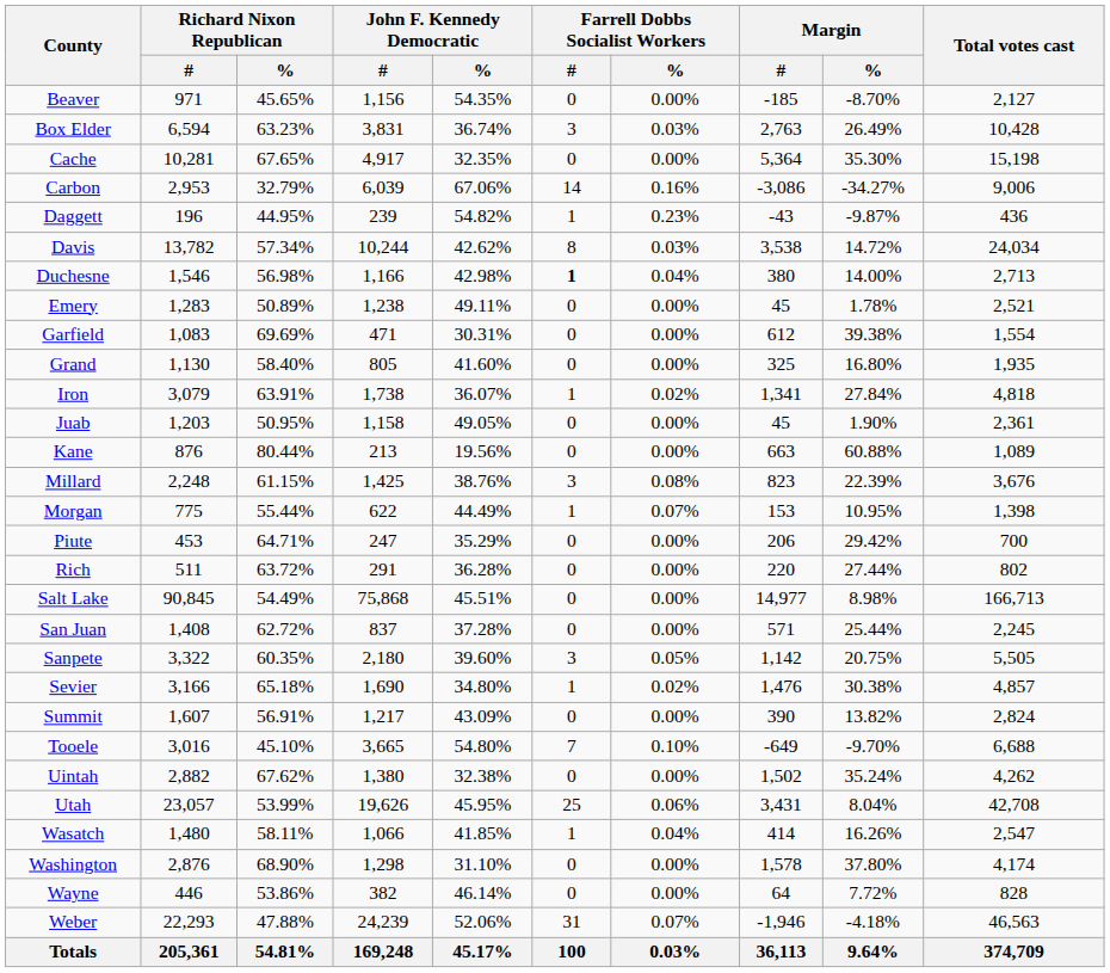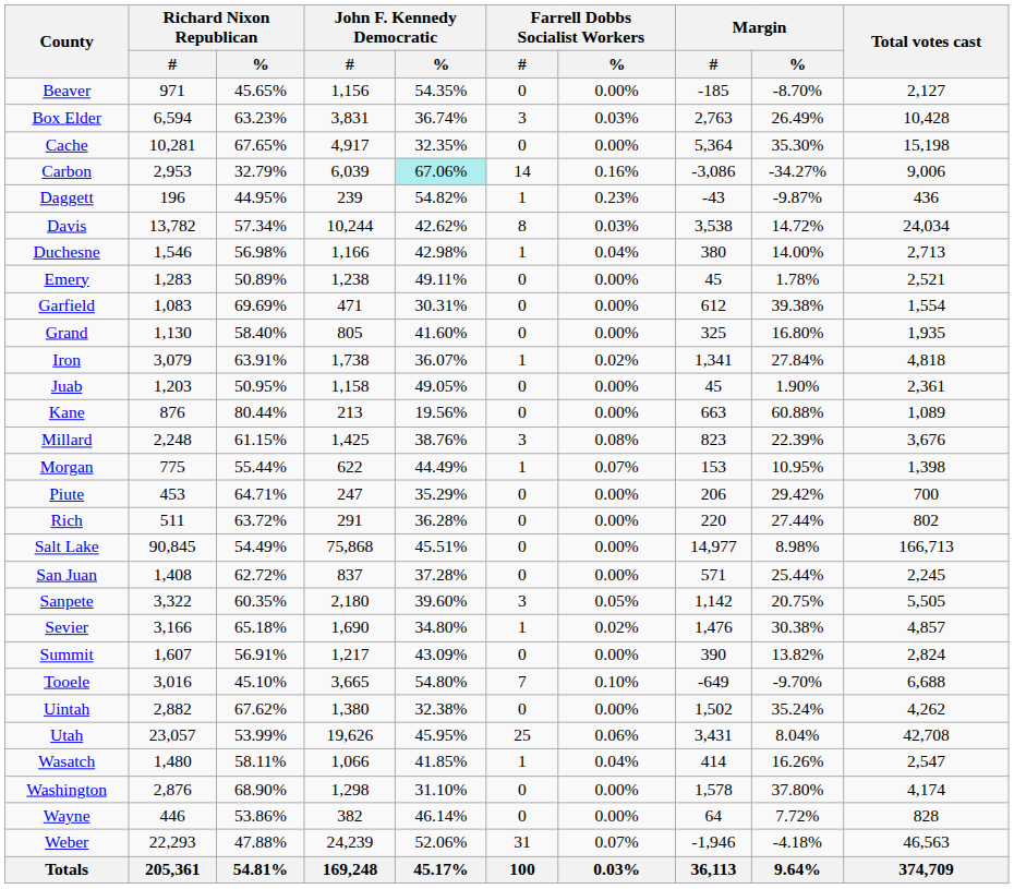 <table width="60%"  class="wikitable sortable" style="text-align:center">
 <tr>
 <th style="text-align:center;" rowspan="2">County</th>
 <th style="text-align:center;" colspan="2">Richard Nixon<br>Republican</th>
 <th style="text-align:center;" colspan="2">John F. Kennedy<br>Democratic</th>
 <th style="text-align:center;" colspan="2">Farrell Dobbs<br>Socialist Workers</th>
 <th style="text-align:center;" colspan="2">Margin</th>
 <th style="text-align:center;" rowspan="2">Total votes cast</th>
 </tr>
 <tr>
 <th style="text-align:center;" data-sort-type="number">#</th>
 <th style="text-align:center;" data-sort-type="number">%</th>
 <th style="text-align:center;" data-sort-type="number">#</th>
 <th style="text-align:center;" data-sort-type="number">%</th>
 <th style="text-align:center;" data-sort-type="number">#</th>
 <th style="text-align:center;" data-sort-type="number">%</th>
 <th style="text-align:center;" data-sort-type="number">#</th>
 <th style="text-align:center;" data-sort-type="number">%</th>
 </tr>
 <tr style="text-align:center;">
 <td><a href='#'>Beaver</a></td>
 <td>971</td>
 <td>45.65%</td>
 <td>1,156</td>
 <td>54.35%</td>
 <td>0</td>
 <td>0.00%</td>
 <td>-185</td>
 <td>-8.70%</td>
 <td>2,127</td>
 </tr>
 <tr style="text-align:center;">
 <td><a href='#'>Box Elder</a></td>
 <td>6,594</td>
 <td>63.23%</td>
 <td>3,831</td>
 <td>36.74%</td>
 <td>3</td>
 <td>0.03%</td>
 <td>2,763</td>
 <td>26.49%</td>
 <td>10,428</td>
 </tr>
 <tr style="text-align:center;">
 <td><a href='#'>Cache</a></td>
 <td>10,281</td>
 <td>67.65%</td>
 <td>4,917</td>
 <td>32.35%</td>
 <td>0</td>
 <td>0.00%</td>
 <td>5,364</td>
 <td>35.30%</td>
 <td>15,198</td>
 </tr>
 <tr style="text-align:center;">
 <td><a href='#'>Carbon</a></td>
 <td>2,953</td>
 <td>32.79%</td>
 <td>6,039</td>
-<td>67.06%</td>
+<td style="background: paleturquoise;">67.06%</td>
 <td>14</td>
 <td>0.16%</td>
 <td>-3,086</td>
 <td>-34.27%</td>
 <td>9,006</td>
 </tr>
 <tr style="text-align:center;">
 <td><a href='#'>Daggett</a></td>
 <td>196</td>
 <td>44.95%</td>
 <td>239</td>
 <td>54.82%</td>
 <td>1</td>
 <td>0.23%</td>
 <td>-43</td>
 <td>-9.87%</td>
 <td>436</td>
 </tr>
 <tr style="text-align:center;">
 <td><a href='#'>Davis</a></td>
 <td>13,782</td>
 <td>57.34%</td>
 <td>10,244</td>
 <td>42.62%</td>
 <td>8</td>
 <td>0.03%</td>
 <td>3,538</td>
 <td>14.72%</td>
 <td>24,034</td>
 </tr>
 <tr style="text-align:center;">
 <td><a href='#'>Duchesne</a></td>
 <td>1,546</td>
 <td>56.98%</td>
 <td>1,166</td>
 <td>42.98%</td>
-<td><strong>1</strong></td>
+<td>1</td>
 <td>0.04%</td>
 <td>380</td>
 <td>14.00%</td>
 <td>2,713</td>
 </tr>
 <tr style="text-align:center;">
 <td><a href='#'>Emery</a></td>
 <td>1,283</td>
 <td>50.89%</td>
 <td>1,238</td>
 <td>49.11%</td>
 <td>0</td>
 <td>0.00%</td>
 <td>45</td>
 <td>1.78%</td>
 <td>2,521</td>
 </tr>
 <tr style="text-align:center;">
 <td><a href='#'>Garfield</a></td>
 <td>1,083</td>
 <td>69.69%</td>
 <td>471</td>
 <td>30.31%</td>
 <td>0</td>
 <td>0.00%</td>
 <td>612</td>
 <td>39.38%</td>
 <td>1,554</td>
 </tr>
 <tr style="text-align:center;">
 <td><a href='#'>Grand</a></td>
 <td>1,130</td>
 <td>58.40%</td>
 <td>805</td>
 <td>41.60%</td>
 <td>0</td>
 <td>0.00%</td>
 <td>325</td>
 <td>16.80%</td>
 <td>1,935</td>
 </tr>
 <tr style="text-align:center;">
 <td><a href='#'>Iron</a></td>
 <td>3,079</td>
 <td>63.91%</td>
 <td>1,738</td>
 <td>36.07%</td>
 <td>1</td>
 <td>0.02%</td>
 <td>1,341</td>
 <td>27.84%</td>
 <td>4,818</td>
 </tr>
 <tr style="text-align:center;">
 <td><a href='#'>Juab</a></td>
 <td>1,203</td>
 <td>50.95%</td>
 <td>1,158</td>
 <td>49.05%</td>
 <td>0</td>
 <td>0.00%</td>
 <td>45</td>
 <td>1.90%</td>
 <td>2,361</td>
 </tr>
 <tr style="text-align:center;">
 <td><a href='#'>Kane</a></td>
 <td>876</td>
 <td>80.44%</td>
 <td>213</td>
 <td>19.56%</td>
 <td>0</td>
 <td>0.00%</td>
 <td>663</td>
 <td>60.88%</td>
 <td>1,089</td>
 </tr>
 <tr style="text-align:center;">
 <td><a href='#'>Millard</a></td>
 <td>2,248</td>
 <td>61.15%</td>
 <td>1,425</td>
 <td>38.76%</td>
 <td>3</td>
 <td>0.08%</td>
 <td>823</td>
 <td>22.39%</td>
 <td>3,676</td>
 </tr>
 <tr style="text-align:center;">
 <td><a href='#'>Morgan</a></td>
 <td>775</td>
 <td>55.44%</td>
 <td>622</td>
 <td>44.49%</td>
 <td>1</td>
 <td>0.07%</td>
 <td>153</td>
 <td>10.95%</td>
 <td>1,398</td>
 </tr>
 <tr style="text-align:center;">
 <td><a href='#'>Piute</a></td>
 <td>453</td>
 <td>64.71%</td>
 <td>247</td>
 <td>35.29%</td>
 <td>0</td>
 <td>0.00%</td>
 <td>206</td>
 <td>29.42%</td>
 <td>700</td>
 </tr>
 <tr style="text-align:center;">
 <td><a href='#'>Rich</a></td>
 <td>511</td>
 <td>63.72%</td>
 <td>291</td>
 <td>36.28%</td>
 <td>0</td>
 <td>0.00%</td>
 <td>220</td>
 <td>27.44%</td>
 <td>802</td>
 </tr>
 <tr style="text-align:center;">
 <td><a href='#'>Salt Lake</a></td>
 <td>90,845</td>
 <td>54.49%</td>
 <td>75,868</td>
 <td>45.51%</td>
 <td>0</td>
 <td>0.00%</td>
 <td>14,977</td>
 <td>8.98%</td>
 <td>166,713</td>
 </tr>
 <tr style="text-align:center;">
 <td><a href='#'>San Juan</a></td>
 <td>1,408</td>
 <td>62.72%</td>
 <td>837</td>
 <td>37.28%</td>
 <td>0</td>
 <td>0.00%</td>
 <td>571</td>
 <td>25.44%</td>
 <td>2,245</td>
 </tr>
 <tr style="text-align:center;">
 <td><a href='#'>Sanpete</a></td>
 <td>3,322</td>
 <td>60.35%</td>
 <td>2,180</td>
 <td>39.60%</td>
 <td>3</td>
 <td>0.05%</td>
 <td>1,142</td>
 <td>20.75%</td>
 <td>5,505</td>
 </tr>
 <tr style="text-align:center;">
 <td><a href='#'>Sevier</a></td>
 <td>3,166</td>
 <td>65.18%</td>
 <td>1,690</td>
 <td>34.80%</td>
 <td>1</td>
 <td>0.02%</td>
 <td>1,476</td>
 <td>30.38%</td>
 <td>4,857</td>
 </tr>
 <tr style="text-align:center;">
 <td><a href='#'>Summit</a></td>
 <td>1,607</td>
 <td>56.91%</td>
 <td>1,217</td>
 <td>43.09%</td>
 <td>0</td>
 <td>0.00%</td>
 <td>390</td>
 <td>13.82%</td>
 <td>2,824</td>
 </tr>
 <tr style="text-align:center;">
 <td><a href='#'>Tooele</a></td>
 <td>3,016</td>
 <td>45.10%</td>
 <td>3,665</td>
 <td>54.80%</td>
 <td>7</td>
 <td>0.10%</td>
 <td>-649</td>
 <td>-9.70%</td>
 <td>6,688</td>
 </tr>
 <tr style="text-align:center;">
 <td><a href='#'>Uintah</a></td>
 <td>2,882</td>
 <td>67.62%</td>
 <td>1,380</td>
 <td>32.38%</td>
 <td>0</td>
 <td>0.00%</td>
 <td>1,502</td>
 <td>35.24%</td>
 <td>4,262</td>
 </tr>
 <tr style="text-align:center;">
 <td><a href='#'>Utah</a></td>
 <td>23,057</td>
 <td>53.99%</td>
 <td>19,626</td>
 <td>45.95%</td>
 <td>25</td>
 <td>0.06%</td>
 <td>3,431</td>
 <td>8.04%</td>
 <td>42,708</td>
 </tr>
 <tr style="text-align:center;">
 <td><a href='#'>Wasatch</a></td>
 <td>1,480</td>
 <td>58.11%</td>
 <td>1,066</td>
 <td>41.85%</td>
 <td>1</td>
 <td>0.04%</td>
 <td>414</td>
 <td>16.26%</td>
 <td>2,547</td>
 </tr>
 <tr style="text-align:center;">
 <td><a href='#'>Washington</a></td>
 <td>2,876</td>
 <td>68.90%</td>
 <td>1,298</td>
 <td>31.10%</td>
 <td>0</td>
 <td>0.00%</td>
 <td>1,578</td>
 <td>37.80%</td>
 <td>4,174</td>
 </tr>
 <tr style="text-align:center;">
 <td><a href='#'>Wayne</a></td>
 <td>446</td>
 <td>53.86%</td>
 <td>382</td>
 <td>46.14%</td>
 <td>0</td>
 <td>0.00%</td>
 <td>64</td>
 <td>7.72%</td>
 <td>828</td>
 </tr>
 <tr style="text-align:center;">
 <td><a href='#'>Weber</a></td>
 <td>22,293</td>
 <td>47.88%</td>
 <td>24,239</td>
 <td>52.06%</td>
 <td>31</td>
 <td>0.07%</td>
 <td>-1,946</td>
 <td>-4.18%</td>
 <td>46,563</td>
 </tr>
 <tr style="text-align:center;">
 <th>Totals</th>
 <th>205,361</th>
 <th>54.81%</th>
 <th>169,248</th>
 <th>45.17%</th>
 <th>100</th>
 <th>0.03%</th>
 <th>36,113</th>
 <th>9.64%</th>
 <th>374,709</th>
 </tr>
 </table>
